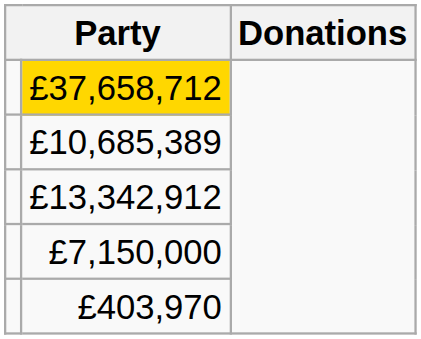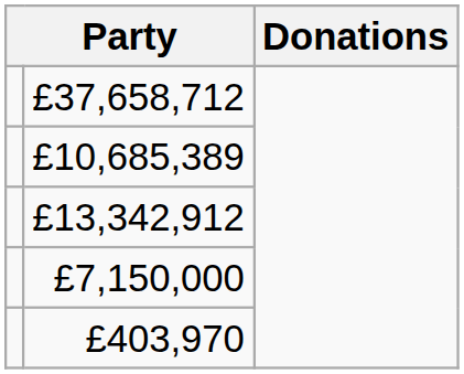 <table class="wikitable" style="text-align:right; font-size:95%;">
 <tr>
 <th colspan="2">Party</th>
 <th>Donations</th>
 </tr>
 <tr>
 <td></td>
-<td style="background: gold;">£37,658,712</td>
+<td>£37,658,712</td>
 </tr>
 <tr>
 <td></td>
 <td>£10,685,389</td>
 </tr>
 <tr>
 <td></td>
 <td>£13,342,912</td>
 </tr>
 <tr>
 <td></td>
 <td>£7,150,000</td>
 </tr>
 <tr>
 <td></td>
 <td>£403,970</td>
 </tr>
 </table>
